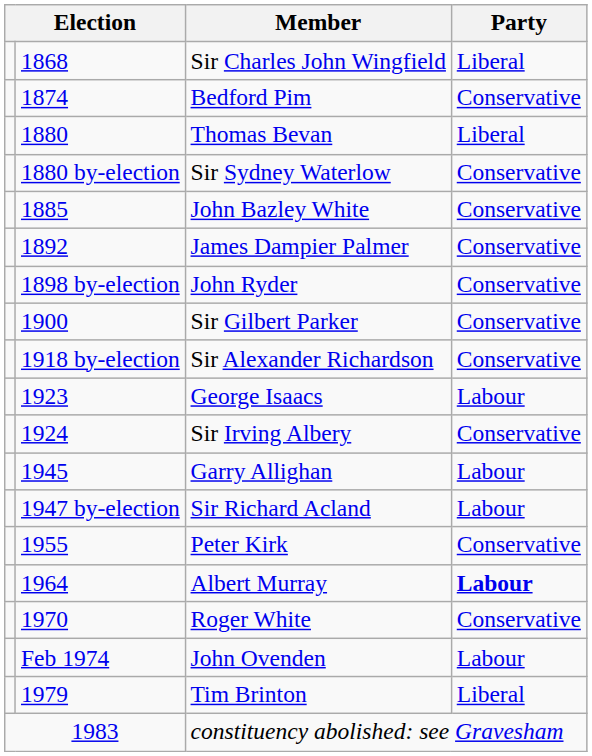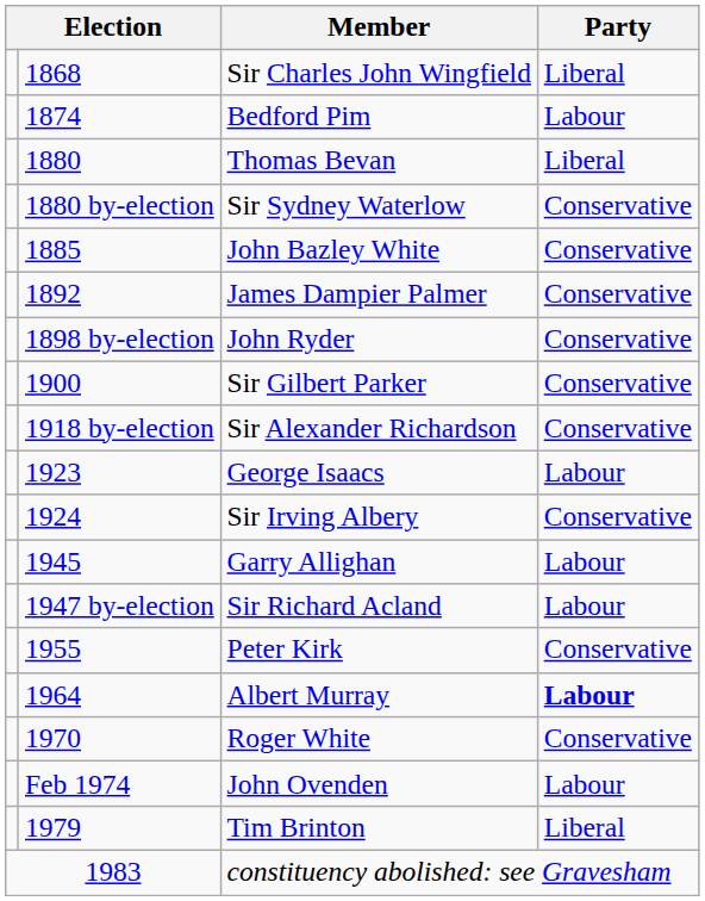 <table class="wikitable">
 <tr>
 <th colspan="2">Election</th>
 <th>Member</th>
 <th>Party</th>
 </tr>
 <tr>
 <td style="color:inherit;background-color: "></td>
 <td><a href='#'>1868</a></td>
 <td>Sir <a href='#'>Charles John Wingfield</a></td>
 <td><a href='#'>Liberal</a></td>
 </tr>
 <tr>
 <td style="color:inherit;background-color: "></td>
 <td><a href='#'>1874</a></td>
 <td><a href='#'>Bedford Pim</a></td>
-<td><a href='#'>Conservative</a></td>
+<td><a href='#'>Labour</a></td>
 </tr>
 <tr>
 <td style="color:inherit;background-color: "></td>
 <td><a href='#'>1880</a></td>
 <td><a href='#'>Thomas Bevan</a></td>
 <td><a href='#'>Liberal</a></td>
 </tr>
 <tr>
 <td style="color:inherit;background-color: "></td>
 <td><a href='#'>1880 by-election</a></td>
 <td>Sir <a href='#'>Sydney Waterlow</a></td>
 <td><a href='#'>Conservative</a></td>
 </tr>
 <tr>
 <td style="color:inherit;background-color: "></td>
 <td><a href='#'>1885</a></td>
 <td><a href='#'>John Bazley White</a></td>
 <td><a href='#'>Conservative</a></td>
 </tr>
 <tr>
 <td style="color:inherit;background-color: "></td>
 <td><a href='#'>1892</a></td>
 <td><a href='#'>James Dampier Palmer</a></td>
 <td><a href='#'>Conservative</a></td>
 </tr>
 <tr>
 <td style="color:inherit;background-color: "></td>
 <td><a href='#'>1898 by-election</a></td>
 <td><a href='#'>John Ryder</a></td>
 <td><a href='#'>Conservative</a></td>
 </tr>
 <tr>
 <td style="color:inherit;background-color: "></td>
 <td><a href='#'>1900</a></td>
 <td>Sir <a href='#'>Gilbert Parker</a></td>
 <td><a href='#'>Conservative</a></td>
 </tr>
 <tr>
 <td style="color:inherit;background-color: "></td>
 <td><a href='#'>1918 by-election</a></td>
 <td>Sir <a href='#'>Alexander Richardson</a></td>
 <td><a href='#'>Conservative</a></td>
 </tr>
 <tr>
 <td style="color:inherit;background-color: "></td>
 <td><a href='#'>1923</a></td>
 <td><a href='#'>George Isaacs</a></td>
 <td><a href='#'>Labour</a></td>
 </tr>
 <tr>
 <td style="color:inherit;background-color: "></td>
 <td><a href='#'>1924</a></td>
 <td>Sir <a href='#'>Irving Albery</a></td>
 <td><a href='#'>Conservative</a></td>
 </tr>
 <tr>
 <td style="color:inherit;background-color: "></td>
 <td><a href='#'>1945</a></td>
 <td><a href='#'>Garry Allighan</a></td>
 <td><a href='#'>Labour</a></td>
 </tr>
 <tr>
 <td style="color:inherit;background-color: "></td>
 <td><a href='#'>1947 by-election</a></td>
 <td><a href='#'>Sir Richard Acland</a></td>
 <td><a href='#'>Labour</a></td>
 </tr>
 <tr>
 <td style="color:inherit;background-color: "></td>
 <td><a href='#'>1955</a></td>
 <td><a href='#'>Peter Kirk</a></td>
 <td><a href='#'>Conservative</a></td>
 </tr>
 <tr>
 <td style="color:inherit;background-color: "></td>
 <td><a href='#'>1964</a></td>
 <td><a href='#'>Albert Murray</a></td>
 <td><strong><a href='#'>Labour</a></strong></td>
 </tr>
 <tr>
 <td style="color:inherit;background-color: "></td>
 <td><a href='#'>1970</a></td>
 <td><a href='#'>Roger White</a></td>
 <td><a href='#'>Conservative</a></td>
 </tr>
 <tr>
 <td style="color:inherit;background-color: "></td>
 <td><a href='#'>Feb 1974</a></td>
 <td><a href='#'>John Ovenden</a></td>
 <td><a href='#'>Labour</a></td>
 </tr>
 <tr>
 <td style="color:inherit;background-color: "></td>
 <td><a href='#'>1979</a></td>
 <td><a href='#'>Tim Brinton</a></td>
 <td><a href='#'>Liberal</a></td>
 </tr>
 <tr>
 <td colspan="2" align="center"><a href='#'>1983</a></td>
 <td colspan="2"><em>constituency abolished: see <a href='#'>Gravesham</a></em></td>
 </tr>
 </table>
